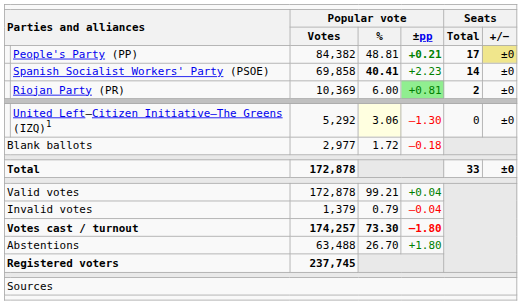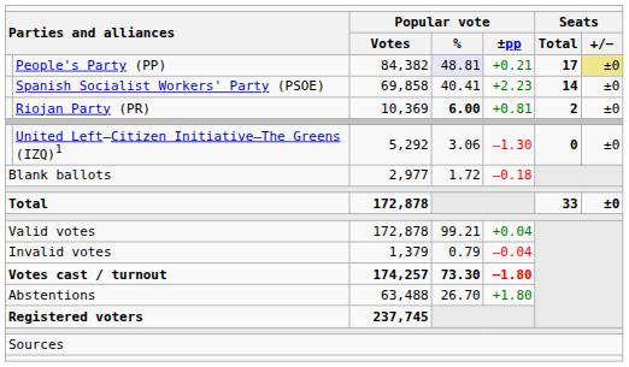 <table class="wikitable" style="text-align:right;">
 <tr>
 <td colspan="7"></td>
 </tr>
 <tr>
 <th style="text-align:left;" rowspan="2" colspan="2" width="525">Parties and alliances</th>
 <th colspan="3">Popular vote</th>
 <th colspan="2">Seats</th>
 </tr>
 <tr>
 <th width="75">Votes</th>
 <th width="45">%</th>
 <th width="45">±<a href='#'>pp</a></th>
 <th width="35">Total</th>
 <th width="35">+/−</th>
 </tr>
 <tr>
 <td width="1" style="color:inherit;background:"></td>
 <td align="left"><a href='#'>People's Party</a> (PP)</td>
 <td>84,382</td>
-<td>48.81</td>
-<td style="color:green;"><strong>+0.21</strong></td>
+<td style="background: lavender;">48.81</td>
+<td style="color:green;">+0.21</td>
 <td><strong>17</strong></td>
 <td style="background: khaki;">±0</td>
 </tr>
 <tr>
 <td style="color:inherit;background:"></td>
 <td align="left"><a href='#'>Spanish Socialist Workers' Party</a> (PSOE)</td>
 <td>69,858</td>
-<td><strong>40.41</strong></td>
+<td>40.41</td>
 <td style="color:green;">+2.23</td>
 <td><strong>14</strong></td>
 <td>±0</td>
 </tr>
 <tr>
 <td style="color:inherit;background:"></td>
 <td align="left"><a href='#'>Riojan Party</a> (PR)</td>
 <td>10,369</td>
-<td>6.00</td>
-<td style="background: lightgreen; color:green;">+0.81</td>
+<td><strong>6.00</strong></td>
+<td style="color:green;">+0.81</td>
 <td><strong>2</strong></td>
 <td>±0</td>
 </tr>
 <tr>
 <td colspan="7" bgcolor="#C0C0C0"></td>
 </tr>
 <tr>
 <td style="color:inherit;background:"></td>
 <td align="left"><a href='#'>United Left</a>–<a href='#'>Citizen Initiative–The Greens</a> (IZQ)<sup>1</sup></td>
 <td>5,292</td>
-<td style="background: lightyellow;">3.06</td>
+<td>3.06</td>
 <td style="color:red;">–1.30</td>
-<td>0</td>
+<td><strong>0</strong></td>
 <td>±0</td>
 </tr>
 <tr>
 <td align="left" colspan="2">Blank ballots</td>
 <td>2,977</td>
 <td>1.72</td>
 <td style="color:red;">–0.18</td>
 <td bgcolor="#E9E9E9" colspan="2"></td>
 </tr>
 <tr>
 <td colspan="7" bgcolor="#E9E9E9"></td>
 </tr>
 <tr style="font-weight:bold;">
 <td align="left" colspan="2">Total</td>
 <td>172,878</td>
 <td bgcolor="#E9E9E9" colspan="2"></td>
 <td>33</td>
 <td>±0</td>
 </tr>
 <tr>
 <td colspan="7" bgcolor="#E9E9E9"></td>
 </tr>
 <tr>
 <td align="left" colspan="2">Valid votes</td>
 <td>172,878</td>
 <td>99.21</td>
 <td style="color:green;">+0.04</td>
 <td bgcolor="#E9E9E9" colspan="2" rowspan="5"></td>
 </tr>
 <tr>
 <td align="left" colspan="2">Invalid votes</td>
 <td>1,379</td>
 <td>0.79</td>
 <td style="color:red;">–0.04</td>
 </tr>
 <tr style="font-weight:bold;">
 <td align="left" colspan="2">Votes cast / turnout</td>
 <td>174,257</td>
 <td>73.30</td>
 <td style="color:red;">–1.80</td>
 </tr>
 <tr>
 <td align="left" colspan="2">Abstentions</td>
 <td>63,488</td>
 <td>26.70</td>
 <td style="color:green;">+1.80</td>
 </tr>
 <tr style="font-weight:bold;">
 <td align="left" colspan="2">Registered voters</td>
 <td>237,745</td>
 <td bgcolor="#E9E9E9" colspan="2"></td>
 </tr>
 <tr>
 <td colspan="7" bgcolor="#E9E9E9"></td>
 </tr>
 <tr>
 <td align="left" colspan="7">Sources</td>
 </tr>
 <tr>
 <td colspan="7" style="text-align:left; max-width:790px;"></td>
 </tr>
 </table>
